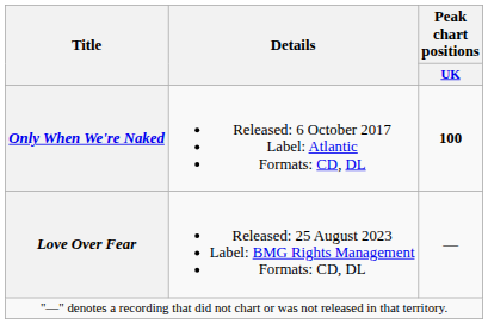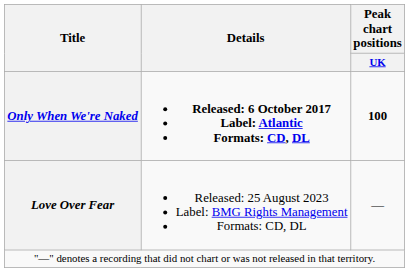 <table class="wikitable plainrowheaders" style="text-align:center;">
 <tr>
 <th scope="col" rowspan="2">Title</th>
 <th scope="col" rowspan="2">Details</th>
 <th scope="col">Peak chart positions</th>
 </tr>
 <tr>
 <th scope="col" style="width:3em;font-size:85%;"><a href='#'>UK</a><br></th>
 </tr>
 <tr>
 <th scope="row"><em><a href='#'>Only When We're Naked</a></em></th>
-<td><br><ul><li>Released: 6 October 2017</li><li>Label: <a href='#'>Atlantic</a></li><li>Formats: <a href='#'>CD</a>, <a href='#'>DL</a></li></ul></td>
+<td><strong><br><ul><li>Released: 6 October 2017</li><li>Label: <a href='#'>Atlantic</a></li><li>Formats: <a href='#'>CD</a>, <a href='#'>DL</a></li></ul></strong></td>
 <td><strong>100</strong></td>
 </tr>
 <tr>
 <th scope="row"><em>Love Over Fear</em></th>
 <td><br><ul><li>Released: 25 August 2023</li><li>Label: <a href='#'>BMG Rights Management</a></li><li>Formats: CD, DL</li></ul></td>
 <td>—</td>
 </tr>
 <tr>
 <td colspan="5" style="font-size:85%">"—" denotes a recording that did not chart or was not released in that territory.</td>
 </tr>
 </table>
